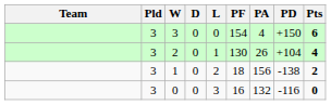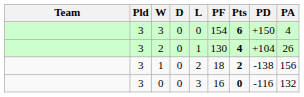 <table class="wikitable" style="text-align:center;">
 <tr>
 <th width=175>Team</th>
 <th width=20 abbr="Played">Pld</th>
 <th width=20 abbr="Won">W</th>
 <th width=20 abbr="Drawn">D</th>
 <th width=20 abbr="Lost">L</th>
 <th width=20 abbr="Goals for">PF</th>
+<th width=20 abbr="Points">Pts</th>
+<th width=20 abbr="Goal difference">PD</th>
 <th width=20 abbr="Goals against">PA</th>
-<th width=20 abbr="Goal difference">PD</th>
-<th width=20 abbr="Points">Pts</th>
 </tr>
 <tr style="background:#ccffcc;">
 <td style="text-align:left;"></td>
 <td>3</td>
 <td>3</td>
 <td>0</td>
 <td>0</td>
 <td>154</td>
+<td><strong>6</strong></td>
+<td>+150</td>
 <td>4</td>
-<td>+150</td>
-<td><strong>6</strong></td>
 </tr>
 <tr style="background:#ccffcc;">
 <td style="text-align:left;"></td>
 <td>3</td>
 <td>2</td>
 <td>0</td>
 <td>1</td>
 <td>130</td>
+<td><strong>4</strong></td>
+<td>+104</td>
 <td>26</td>
-<td>+104</td>
-<td><strong>4</strong></td>
 </tr>
 <tr>
 <td style="text-align:left;"></td>
 <td>3</td>
 <td>1</td>
 <td>0</td>
 <td>2</td>
 <td>18</td>
+<td><strong>2</strong></td>
+<td>-138</td>
 <td>156</td>
-<td>-138</td>
-<td><strong>2</strong></td>
 </tr>
 <tr>
 <td style="text-align:left;"></td>
 <td>3</td>
 <td>0</td>
 <td>0</td>
 <td>3</td>
 <td>16</td>
+<td><strong>0</strong></td>
+<td>-116</td>
 <td>132</td>
-<td>-116</td>
-<td><strong>0</strong></td>
 </tr>
 </table>
